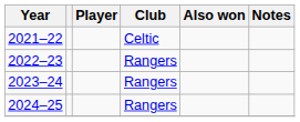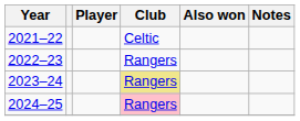 <table class="sortable wikitable" style="text-align: center;">
 <tr>
 <th>Year</th>
 <th></th>
 <th>Player</th>
 <th>Club</th>
 <th class="unsortable">Also won</th>
 <th class="unsortable" align=center>Notes</th>
 </tr>
 <tr>
 <td><a href='#'>2021–22</a></td>
 <td></td>
 <td align=left></td>
 <td align=left><a href='#'>Celtic</a></td>
 <td></td>
 <td></td>
 </tr>
 <tr>
 <td><a href='#'>2022–23</a></td>
 <td></td>
 <td align=left></td>
 <td align=left><a href='#'>Rangers</a></td>
 <td></td>
 <td></td>
 </tr>
 <tr>
 <td><a href='#'>2023–24</a></td>
 <td></td>
 <td align=left></td>
-<td align=left><a href='#'>Rangers</a></td>
+<td align=left style="background: khaki;"><a href='#'>Rangers</a></td>
 <td></td>
 <td></td>
 </tr>
 <tr>
 <td><a href='#'>2024–25</a></td>
 <td></td>
 <td align=left></td>
-<td align=left><a href='#'>Rangers</a></td>
+<td align=left style="background: pink;"><a href='#'>Rangers</a></td>
 <td></td>
 <td></td>
 </tr>
 <tr>
 </tr>
 </table>
